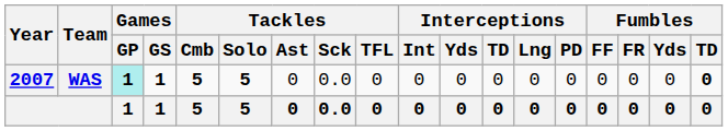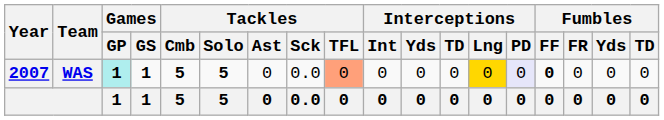 <table class="wikitable" style="text-align:center">
 <tr>
 <th rowspan="2">Year</th>
 <th rowspan="2">Team</th>
 <th colspan="2">Games</th>
 <th colspan="5">Tackles</th>
 <th colspan="5">Interceptions</th>
 <th colspan="4">Fumbles</th>
 </tr>
 <tr>
 <th>GP</th>
 <th>GS</th>
 <th>Cmb</th>
 <th>Solo</th>
 <th>Ast</th>
 <th>Sck</th>
 <th>TFL</th>
 <th>Int</th>
 <th>Yds</th>
 <th>TD</th>
 <th>Lng</th>
 <th>PD</th>
 <th>FF</th>
 <th>FR</th>
 <th>Yds</th>
 <th>TD</th>
 </tr>
 <tr>
 <th><a href='#'>2007</a></th>
 <th><a href='#'>WAS</a></th>
 <td style="background: paleturquoise;"><strong>1</strong></td>
 <td><strong>1</strong></td>
 <td><strong>5</strong></td>
 <td><strong>5</strong></td>
 <td>0</td>
 <td>0.0</td>
+<td style="background: lightsalmon;">0</td>
 <td>0</td>
 <td>0</td>
 <td>0</td>
+<td style="background: gold;">0</td>
+<td style="background: lavender;">0</td>
+<td><strong>0</strong></td>
 <td>0</td>
 <td>0</td>
 <td>0</td>
-<td>0</td>
-<td>0</td>
-<td>0</td>
-<td><strong>0</strong></td>
 </tr>
 <tr>
 <th colspan="2"></th>
 <th>1</th>
 <th>1</th>
 <th>5</th>
 <th>5</th>
 <th>0</th>
 <th>0.0</th>
 <th>0</th>
 <th>0</th>
 <th>0</th>
 <th>0</th>
 <th>0</th>
 <th>0</th>
 <th>0</th>
 <th>0</th>
 <th>0</th>
 <th>0</th>
 </tr>
 </table>
